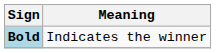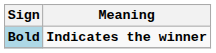 <table class="wikitable">
 <tr>
 <th scope=col>Sign</th>
 <th scope=col>Meaning</th>
 </tr>
 <tr>
 <td style="background-color:lightblue"><strong>Bold</strong></td>
-<td>Indicates the winner</td>
+<td><strong>Indicates the winner</strong></td>
 </tr>
 <tr>
 </tr>
 </table>
